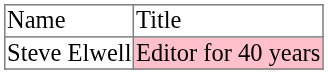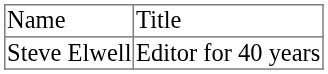 <table border=1 style="border-collapse: collapse;">
 <tr>
 <td>Name</td>
 <td>Title</td>
 </tr>
 <tr>
 <td>Steve Elwell </td>
-<td style="background: pink;">Editor for 40 years</td>
+<td>Editor for 40 years</td>
 </tr>
 </table>
